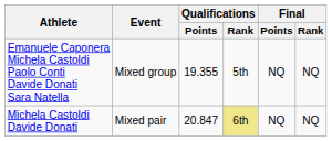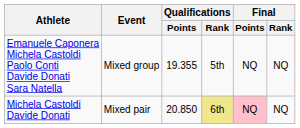 <table class=wikitable style="font-size:90%">
 <tr>
 <th rowspan="2">Athlete</th>
 <th rowspan="2">Event</th>
 <th colspan="2">Qualifications</th>
 <th colspan="2">Final</th>
 </tr>
 <tr style="font-size:95%">
 <th>Points</th>
 <th>Rank</th>
 <th>Points</th>
 <th>Rank</th>
 </tr>
 <tr align=center>
 <td align=left><a href='#'>Emanuele Caponera</a><br><a href='#'>Michela Castoldi</a><br><a href='#'>Paolo Conti</a><br><a href='#'>Davide Donati</a><br><a href='#'>Sara Natella</a></td>
 <td align=left>Mixed group</td>
 <td>19.355</td>
 <td>5th</td>
 <td>NQ</td>
 <td>NQ</td>
 </tr>
 <tr align=center>
 <td align=left><a href='#'>Michela Castoldi</a><br><a href='#'>Davide Donati</a></td>
 <td align=left>Mixed pair</td>
-<td>20.847</td>
+<td>20.850</td>
 <td style="background: khaki;">6th</td>
-<td>NQ</td>
+<td style="background: pink;">NQ</td>
 <td>NQ</td>
 </tr>
 </table>
